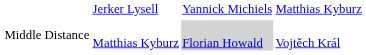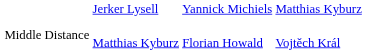 <table>
 <tr>
 <td><br></td>
 <td><br><a href='#'>Jerker Lysell</a></td>
 <td><br><a href='#'>Yannick Michiels</a></td>
 <td><br><a href='#'>Matthias Kyburz</a></td>
 </tr>
 <tr bgcolor=#DDDDDD>
 </tr>
 <tr>
 <td>Middle Distance<br></td>
 <td><br><a href='#'>Matthias Kyburz</a></td>
-<td style="background: lightgrey;"><br><a href='#'>Florian Howald</a></td>
+<td><br><a href='#'>Florian Howald</a></td>
 <td><br><a href='#'>Vojtěch Král</a></td>
 </tr>
 <tr bgcolor=#DDDDDD>
 </tr>
 </table>
